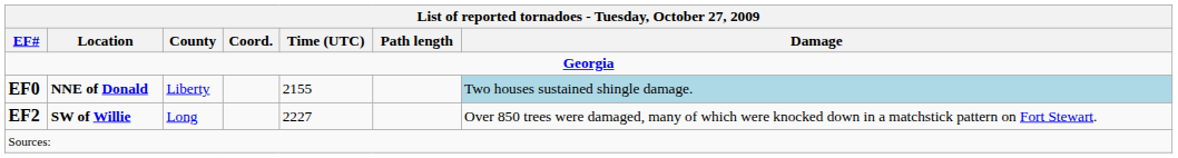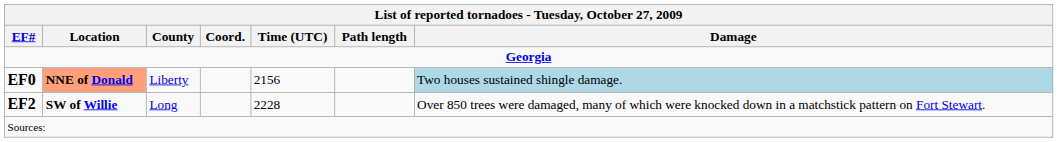 <table class="wikitable collapsible" width="100%">
 <tr>
 <th colspan="7">List of reported tornadoes - Tuesday, October 27, 2009</th>
 </tr>
 <tr>
 <th><a href='#'>EF#</a></th>
 <th>Location</th>
 <th>County</th>
 <th>Coord.</th>
 <th>Time (UTC)</th>
 <th>Path length</th>
 <th>Damage</th>
 </tr>
 <tr>
 <td colspan="7" align=center><strong><a href='#'>Georgia</a></strong></td>
 </tr>
 <tr>
 <td><big><strong>EF0</strong></big></td>
-<td><strong>NNE of <a href='#'>Donald</a></strong></td>
+<td style="background: lightsalmon;"><strong>NNE of <a href='#'>Donald</a></strong></td>
 <td><a href='#'>Liberty</a></td>
 <td></td>
-<td>2155</td>
+<td>2156</td>
 <td></td>
 <td style="background: lightblue;">Two houses sustained shingle damage.</td>
 </tr>
 <tr>
 <td><big><strong>EF2</strong></big></td>
 <td><strong>SW of <a href='#'>Willie</a></strong></td>
 <td><a href='#'>Long</a></td>
 <td></td>
-<td>2227</td>
+<td>2228</td>
 <td></td>
 <td>Over 850 trees were damaged, many of which were knocked down in a matchstick pattern on <a href='#'>Fort Stewart</a>.</td>
 </tr>
 <tr>
 <td colspan="7"><small>Sources: </small></td>
 </tr>
 </table>
